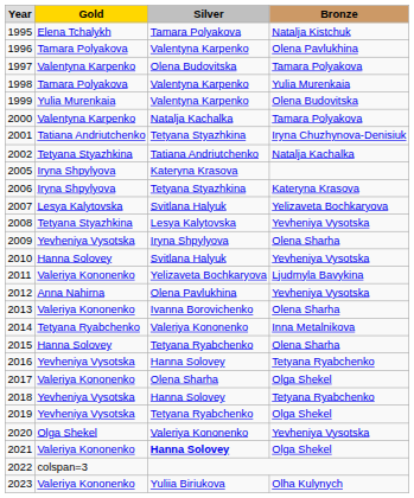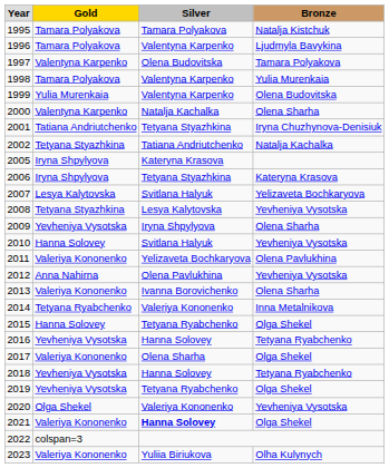 <table class="wikitable sortable alternance" style="font-size:95%">
 <tr>
 <td style="background:#DDDDDD; font-weight:bold; text-align:center;">Year</td>
 <td style="background:gold; font-weight:bold; text-align:center;">Gold</td>
 <td style="background:silver; font-weight:bold; text-align:center;">Silver</td>
 <td style="background:#cc9966; font-weight:bold; text-align:center;">Bronze</td>
 </tr>
 <tr>
 <td>1995</td>
-<td><a href='#'>Elena Tchalykh</a></td>
+<td><a href='#'>Tamara Polyakova</a></td>
 <td><a href='#'>Tamara Polyakova</a></td>
 <td><a href='#'>Natalja Kistchuk</a></td>
 </tr>
 <tr>
 <td>1996</td>
 <td><a href='#'>Tamara Polyakova</a></td>
 <td><a href='#'>Valentyna Karpenko</a></td>
-<td><a href='#'>Olena Pavlukhina</a></td>
+<td><a href='#'>Ljudmyla Bavykina</a></td>
 </tr>
 <tr>
 <td>1997</td>
 <td><a href='#'>Valentyna Karpenko</a></td>
 <td><a href='#'>Olena Budovitska</a></td>
 <td><a href='#'>Tamara Polyakova</a></td>
 </tr>
 <tr>
 <td>1998</td>
 <td><a href='#'>Tamara Polyakova</a></td>
 <td><a href='#'>Valentyna Karpenko</a></td>
 <td><a href='#'>Yulia Murenkaia</a></td>
 </tr>
 <tr>
 <td>1999</td>
 <td><a href='#'>Yulia Murenkaia</a></td>
 <td><a href='#'>Valentyna Karpenko</a></td>
 <td><a href='#'>Olena Budovitska</a></td>
 </tr>
 <tr>
 <td>2000</td>
 <td><a href='#'>Valentyna Karpenko</a></td>
 <td><a href='#'>Natalja Kachalka</a></td>
-<td><a href='#'>Tamara Polyakova</a></td>
+<td><a href='#'>Olena Sharha</a></td>
 </tr>
 <tr>
 <td>2001</td>
 <td><a href='#'>Tatiana Andriutchenko</a></td>
 <td><a href='#'>Tetyana Styazhkina</a></td>
 <td><a href='#'>Iryna Chuzhynova-Denisiuk</a></td>
 </tr>
 <tr>
 <td>2002</td>
 <td><a href='#'>Tetyana Styazhkina</a></td>
 <td><a href='#'>Tatiana Andriutchenko</a></td>
 <td><a href='#'>Natalja Kachalka</a></td>
 </tr>
 <tr>
 <td>2005</td>
 <td><a href='#'>Iryna Shpylyova</a></td>
 <td><a href='#'>Kateryna Krasova</a></td>
 <td></td>
 </tr>
 <tr>
 <td>2006</td>
 <td><a href='#'>Iryna Shpylyova</a></td>
 <td><a href='#'>Tetyana Styazhkina</a></td>
 <td><a href='#'>Kateryna Krasova</a></td>
 </tr>
 <tr>
 <td>2007</td>
 <td><a href='#'>Lesya Kalytovska</a></td>
 <td><a href='#'>Svitlana Halyuk</a></td>
 <td><a href='#'>Yelizaveta Bochkaryova</a></td>
 </tr>
 <tr>
 <td>2008</td>
 <td><a href='#'>Tetyana Styazhkina</a></td>
 <td><a href='#'>Lesya Kalytovska</a></td>
 <td><a href='#'>Yevheniya Vysotska</a></td>
 </tr>
 <tr>
 <td>2009</td>
 <td><a href='#'>Yevheniya Vysotska</a></td>
 <td><a href='#'>Iryna Shpylyova</a></td>
 <td><a href='#'>Olena Sharha</a></td>
 </tr>
 <tr>
 <td>2010</td>
 <td><a href='#'>Hanna Solovey</a></td>
 <td><a href='#'>Svitlana Halyuk</a></td>
 <td><a href='#'>Yevheniya Vysotska</a></td>
 </tr>
 <tr>
 <td>2011</td>
 <td><a href='#'>Valeriya Kononenko</a></td>
 <td><a href='#'>Yelizaveta Bochkaryova</a></td>
-<td><a href='#'>Ljudmyla Bavykina</a></td>
+<td><a href='#'>Olena Pavlukhina</a></td>
 </tr>
 <tr>
 <td>2012</td>
 <td><a href='#'>Anna Nahirna</a></td>
 <td><a href='#'>Olena Pavlukhina</a></td>
 <td><a href='#'>Yevheniya Vysotska</a></td>
 </tr>
 <tr>
 <td>2013</td>
 <td><a href='#'>Valeriya Kononenko</a></td>
 <td><a href='#'>Ivanna Borovichenko</a></td>
 <td><a href='#'>Olena Sharha</a></td>
 </tr>
 <tr>
 <td>2014</td>
 <td><a href='#'>Tetyana Ryabchenko</a></td>
 <td><a href='#'>Valeriya Kononenko</a></td>
 <td><a href='#'>Inna Metalnikova</a></td>
 </tr>
 <tr>
 <td>2015</td>
 <td><a href='#'>Hanna Solovey</a></td>
 <td><a href='#'>Tetyana Ryabchenko</a></td>
-<td><a href='#'>Olena Sharha</a></td>
+<td><a href='#'>Olga Shekel</a></td>
 </tr>
 <tr>
 <td>2016</td>
 <td><a href='#'>Yevheniya Vysotska</a></td>
 <td><a href='#'>Hanna Solovey</a></td>
 <td><a href='#'>Tetyana Ryabchenko</a></td>
 </tr>
 <tr>
 <td>2017</td>
 <td><a href='#'>Valeriya Kononenko</a></td>
 <td><a href='#'>Olena Sharha</a></td>
 <td><a href='#'>Olga Shekel</a></td>
 </tr>
 <tr>
 <td>2018</td>
 <td><a href='#'>Yevheniya Vysotska</a></td>
 <td><a href='#'>Hanna Solovey</a></td>
 <td><a href='#'>Tetyana Ryabchenko</a></td>
 </tr>
 <tr>
 <td>2019</td>
 <td><a href='#'>Yevheniya Vysotska</a></td>
 <td><a href='#'>Tetyana Ryabchenko</a></td>
 <td><a href='#'>Olga Shekel</a></td>
 </tr>
 <tr>
 <td>2020</td>
 <td><a href='#'>Olga Shekel</a></td>
 <td><a href='#'>Valeriya Kononenko</a></td>
 <td><a href='#'>Yevheniya Vysotska</a></td>
 </tr>
 <tr>
 <td>2021</td>
 <td><a href='#'>Valeriya Kononenko</a></td>
 <td><strong><a href='#'>Hanna Solovey</a></strong></td>
 <td><a href='#'>Olga Shekel</a></td>
 </tr>
 <tr>
 <td>2022</td>
 <td>colspan=3 </td>
 </tr>
 <tr>
 <td>2023</td>
 <td><a href='#'>Valeriya Kononenko</a></td>
 <td><a href='#'>Yuliia Biriukova</a></td>
 <td><a href='#'>Olha Kulynych</a></td>
 </tr>
 </table>
